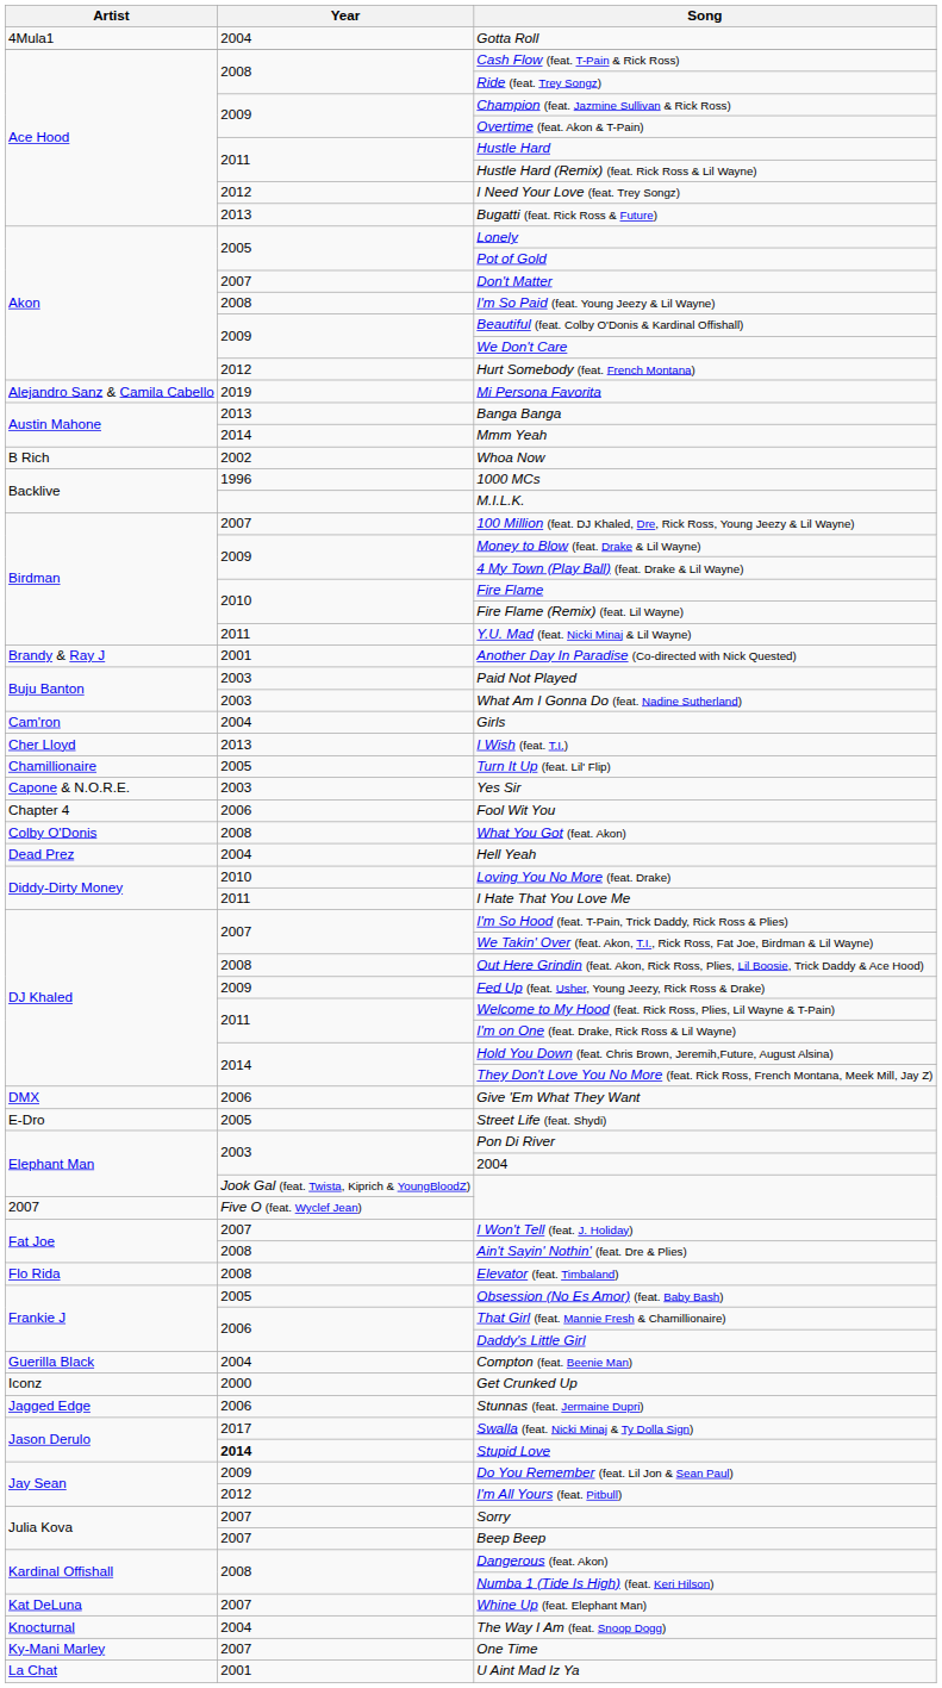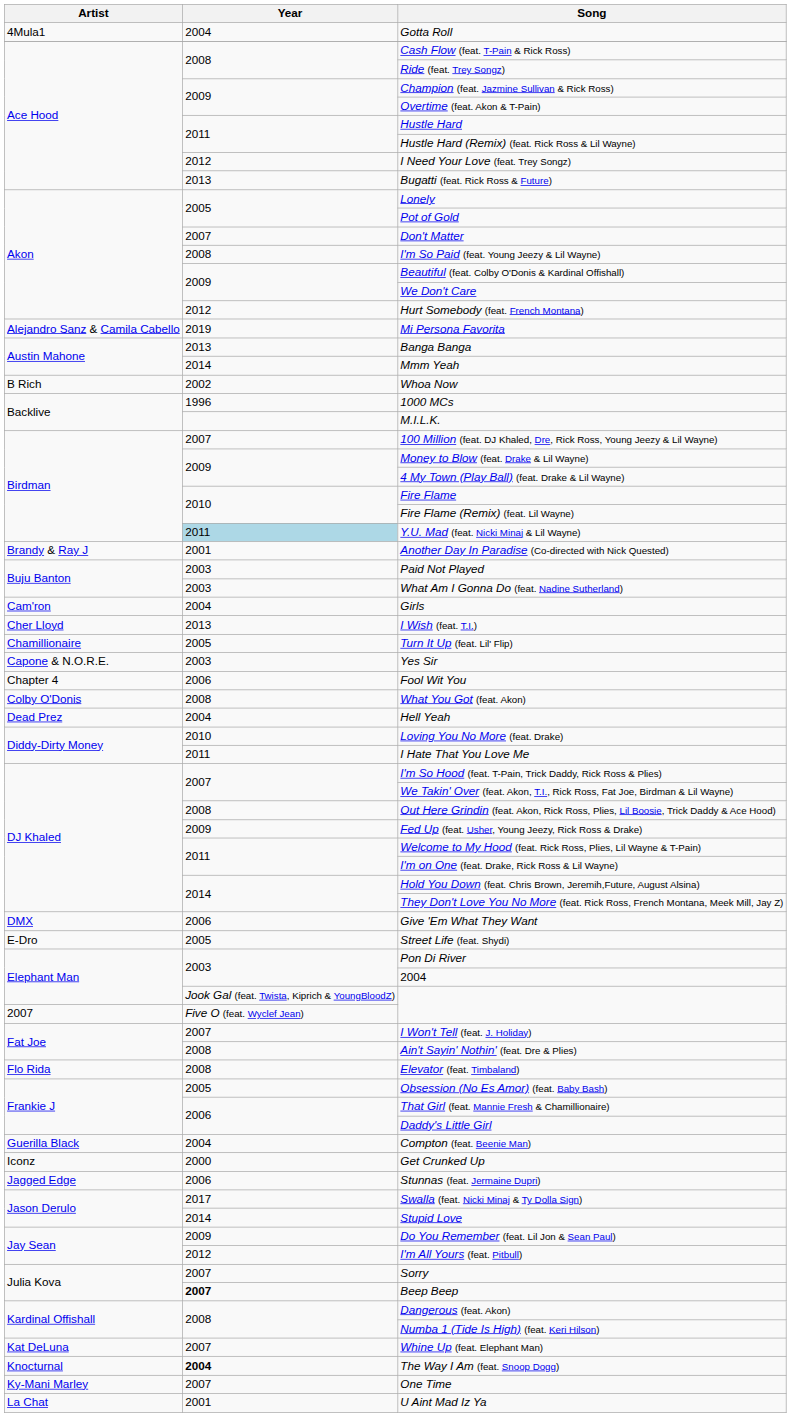 <table class="wikitable sortable">
 <tr>
 <th>Artist</th>
 <th>Year</th>
 <th>Song</th>
 </tr>
 <tr>
 <td>4Mula1</td>
 <td>2004</td>
 <td><em>Gotta Roll</em></td>
 </tr>
 <tr>
 </tr>
 <tr>
 <td rowspan="8"><a href='#'>Ace Hood</a></td>
 <td rowspan="2">2008</td>
 <td><em><a href='#'>Cash Flow</a></em> <small>(feat. <a href='#'>T-Pain</a> & Rick Ross)</small></td>
 </tr>
 <tr>
 <td><em><a href='#'>Ride</a></em> <small>(feat. <a href='#'>Trey Songz</a>)</small></td>
 </tr>
 <tr>
 <td rowspan="2">2009</td>
 <td><em><a href='#'>Champion</a></em> <small>(feat. <a href='#'>Jazmine Sullivan</a> & Rick Ross)</small></td>
 </tr>
 <tr>
 <td><em><a href='#'>Overtime</a></em> <small>(feat. Akon & T-Pain)</small></td>
 </tr>
 <tr>
 <td rowspan="2">2011</td>
 <td><em><a href='#'>Hustle Hard</a></em></td>
 </tr>
 <tr>
 <td><em>Hustle Hard (Remix)</em> <small>(feat. Rick Ross & Lil Wayne)</small></td>
 </tr>
 <tr>
 <td>2012</td>
 <td><em>I Need Your Love</em> <small>(feat. Trey Songz)</small></td>
 </tr>
 <tr>
 <td>2013</td>
 <td><em>Bugatti</em> <small>(feat. Rick Ross & <a href='#'>Future</a>)</small></td>
 </tr>
 <tr>
 <td rowspan="7"><a href='#'>Akon</a></td>
 <td rowspan="2">2005</td>
 <td><em><a href='#'>Lonely</a></em></td>
 </tr>
 <tr>
 <td><em><a href='#'>Pot of Gold</a></em></td>
 </tr>
 <tr>
 <td>2007</td>
 <td><em><a href='#'>Don't Matter</a></em></td>
 </tr>
 <tr>
 <td>2008</td>
 <td><em><a href='#'>I'm So Paid</a></em> <small>(feat. Young Jeezy & Lil Wayne)</small></td>
 </tr>
 <tr>
 <td rowspan="2">2009</td>
 <td><em><a href='#'>Beautiful</a></em> <small>(feat. Colby O'Donis & Kardinal Offishall)</small></td>
 </tr>
 <tr>
 <td><em><a href='#'>We Don't Care</a></em></td>
 </tr>
 <tr>
 <td>2012</td>
 <td><em>Hurt Somebody</em> <small>(feat. <a href='#'>French Montana</a>)</small></td>
 </tr>
 <tr>
 <td><a href='#'>Alejandro Sanz</a> & <a href='#'>Camila Cabello</a></td>
 <td>2019</td>
 <td><em><a href='#'>Mi Persona Favorita</a></em></td>
 </tr>
 <tr>
 <td rowspan="2"><a href='#'>Austin Mahone</a></td>
 <td>2013</td>
 <td><em>Banga Banga</em></td>
 </tr>
 <tr>
 <td>2014</td>
 <td><em> Mmm Yeah</em></td>
 </tr>
 <tr>
 <td>B Rich</td>
 <td>2002</td>
 <td><em>Whoa Now</em></td>
 </tr>
 <tr>
 <td rowspan="2">Backlive</td>
 <td>1996</td>
 <td><em>1000 MCs</em></td>
 </tr>
 <tr>
 <td></td>
 <td><em>M.I.L.K.</em></td>
 </tr>
 <tr>
 <td rowspan="6"><a href='#'>Birdman</a></td>
 <td>2007</td>
 <td><em><a href='#'>100 Million</a></em> <small>(feat. DJ Khaled, <a href='#'>Dre</a>, Rick Ross, Young Jeezy & Lil Wayne)</small></td>
 </tr>
 <tr>
 <td rowspan="2">2009</td>
 <td><em><a href='#'>Money to Blow</a></em> <small>(feat. <a href='#'>Drake</a> & Lil Wayne)</small></td>
 </tr>
 <tr>
 <td><em><a href='#'>4 My Town (Play Ball)</a></em> <small>(feat. Drake & Lil Wayne)</small></td>
 </tr>
 <tr>
 <td rowspan="2">2010</td>
 <td><em><a href='#'>Fire Flame</a></em></td>
 </tr>
 <tr>
 <td><em>Fire Flame (Remix)</em> <small>(feat. Lil Wayne)</small></td>
 </tr>
 <tr>
-<td>2011</td>
+<td style="background: lightblue;">2011</td>
 <td><em><a href='#'>Y.U. Mad</a></em> <small>(feat. <a href='#'>Nicki Minaj</a> & Lil Wayne)</small></td>
 </tr>
 <tr>
 <td><a href='#'>Brandy</a> & <a href='#'>Ray J</a></td>
 <td>2001</td>
 <td><em><a href='#'>Another Day In Paradise</a></em> <small>(Co-directed with Nick Quested)</small></td>
 </tr>
 <tr>
 <td rowspan="2"><a href='#'>Buju Banton</a></td>
 <td>2003</td>
 <td><em>Paid Not Played</em></td>
 </tr>
 <tr>
 <td>2003</td>
 <td><em>What Am I Gonna Do</em> <small>(feat. <a href='#'>Nadine Sutherland</a>)</small></td>
 </tr>
 <tr>
 <td><a href='#'>Cam'ron</a></td>
 <td>2004</td>
 <td><em>Girls</em></td>
 </tr>
 <tr>
 <td><a href='#'>Cher Lloyd</a></td>
 <td>2013</td>
 <td><em><a href='#'>I Wish</a></em> <small>(feat. <a href='#'>T.I.</a>)</small></td>
 </tr>
 <tr>
 <td><a href='#'>Chamillionaire</a></td>
 <td>2005</td>
 <td><em><a href='#'>Turn It Up</a></em> <small>(feat. Lil' Flip)</small></td>
 </tr>
 <tr>
 <td><a href='#'>Capone</a> & N.O.R.E.</td>
 <td>2003</td>
 <td><em>Yes Sir</em></td>
 </tr>
 <tr>
 <td>Chapter 4</td>
 <td>2006</td>
 <td><em>Fool Wit You</em></td>
 </tr>
 <tr>
 <td><a href='#'>Colby O'Donis</a></td>
 <td>2008</td>
 <td><em><a href='#'>What You Got</a></em> <small>(feat. Akon)</small></td>
 </tr>
 <tr>
 <td><a href='#'>Dead Prez</a></td>
 <td>2004</td>
 <td><em>Hell Yeah</em></td>
 </tr>
 <tr>
 <td rowspan="2"><a href='#'>Diddy-Dirty Money</a></td>
 <td>2010</td>
 <td><em><a href='#'>Loving You No More</a></em> <small>(feat. Drake)</small></td>
 </tr>
 <tr>
 <td>2011</td>
 <td><em>I Hate That You Love Me</em></td>
 </tr>
 <tr>
 <td rowspan="8"><a href='#'>DJ Khaled</a></td>
 <td rowspan="2">2007</td>
 <td><em><a href='#'>I'm So Hood</a></em> <small>(feat. T-Pain, Trick Daddy, Rick Ross & Plies)</small></td>
 </tr>
 <tr>
 <td><em><a href='#'>We Takin' Over</a></em> <small>(feat. Akon, <a href='#'>T.I.</a>, Rick Ross, Fat Joe, Birdman & Lil Wayne)</small></td>
 </tr>
 <tr>
 <td>2008</td>
 <td><em><a href='#'>Out Here Grindin</a></em> <small>(feat. Akon, Rick Ross, Plies, <a href='#'>Lil Boosie</a>, Trick Daddy & Ace Hood)</small></td>
 </tr>
 <tr>
 <td>2009</td>
 <td><em><a href='#'>Fed Up</a></em> <small>(feat. <a href='#'>Usher</a>, Young Jeezy, Rick Ross & Drake)</small></td>
 </tr>
 <tr>
 <td rowspan="2">2011</td>
 <td><em><a href='#'>Welcome to My Hood</a></em> <small>(feat. Rick Ross, Plies, Lil Wayne & T-Pain)</small></td>
 </tr>
 <tr>
 <td><em><a href='#'>I'm on One</a></em> <small>(feat. Drake, Rick Ross & Lil Wayne)</small></td>
 </tr>
 <tr>
 <td rowspan="2">2014</td>
 <td><em> <a href='#'>Hold You Down</a></em> <small>(feat. Chris Brown, Jeremih,Future, August Alsina)</small></td>
 </tr>
 <tr>
 <td><em><a href='#'>They Don't Love You No More</a></em> <small>(feat. Rick Ross, French Montana, Meek Mill, Jay Z)</small></td>
 </tr>
 <tr>
 <td><a href='#'>DMX</a></td>
 <td>2006</td>
 <td><em>Give 'Em What They Want</em></td>
 </tr>
 <tr>
 <td>E-Dro</td>
 <td>2005</td>
 <td><em>Street Life</em> <small>(feat. Shydi)</small></td>
 </tr>
 <tr>
 <td rowspan="3"><a href='#'>Elephant Man</a></td>
 <td rowspan="2">2003</td>
 <td><em>Pon Di River</em></td>
 </tr>
 <tr>
 <td>2004</td>
 </tr>
 <tr>
 <td><em>Jook Gal</em> <small>(feat. <a href='#'>Twista</a>, Kiprich & <a href='#'>YoungBloodZ</a>)</small></td>
 </tr>
 <tr>
 <td>2007</td>
 <td><em>Five O</em> <small>(feat. <a href='#'>Wyclef Jean</a>)</small></td>
 </tr>
 <tr>
 <td rowspan="2"><a href='#'>Fat Joe</a></td>
 <td>2007</td>
 <td><em><a href='#'>I Won't Tell</a></em> <small>(feat. <a href='#'>J. Holiday</a>)</small></td>
 </tr>
 <tr>
 <td>2008</td>
 <td><em><a href='#'>Ain't Sayin' Nothin'</a></em> <small>(feat. Dre & Plies)</small></td>
 </tr>
 <tr>
 <td><a href='#'>Flo Rida</a></td>
 <td>2008</td>
 <td><em><a href='#'>Elevator</a></em> <small>(feat. <a href='#'>Timbaland</a>)</small></td>
 </tr>
 <tr>
 <td rowspan="3"><a href='#'>Frankie J</a></td>
 <td>2005</td>
 <td><em><a href='#'>Obsession (No Es Amor)</a></em> <small>(feat. <a href='#'>Baby Bash</a>)</small></td>
 </tr>
 <tr>
 <td rowspan="2">2006</td>
 <td><em><a href='#'>That Girl</a></em> <small>(feat. <a href='#'>Mannie Fresh</a> & Chamillionaire)</small></td>
 </tr>
 <tr>
 <td><em><a href='#'>Daddy's Little Girl</a></em></td>
 </tr>
 <tr>
 <td><a href='#'>Guerilla Black</a></td>
 <td>2004</td>
 <td><em>Compton</em> <small>(feat. <a href='#'>Beenie Man</a>)</small></td>
 </tr>
 <tr>
 <td>Iconz</td>
 <td>2000</td>
 <td><em>Get Crunked Up</em></td>
 </tr>
 <tr>
 <td><a href='#'>Jagged Edge</a></td>
 <td>2006</td>
 <td><em>Stunnas</em> <small>(feat. <a href='#'>Jermaine Dupri</a>)</small></td>
 </tr>
 <tr>
 <td rowspan="2"><a href='#'>Jason Derulo</a></td>
 <td>2017</td>
 <td><em><a href='#'>Swalla</a></em> <small>(feat. <a href='#'>Nicki Minaj</a> & <a href='#'>Ty Dolla Sign</a>)</small></td>
 </tr>
 <tr>
-<td><strong>2014</strong></td>
+<td>2014</td>
 <td><em><a href='#'>Stupid Love</a></em></td>
 </tr>
 <tr>
 <td rowspan="2"><a href='#'>Jay Sean</a></td>
 <td>2009</td>
 <td><em><a href='#'>Do You Remember</a></em> <small>(feat. Lil Jon & <a href='#'>Sean Paul</a>)</small></td>
 </tr>
 <tr>
 <td>2012</td>
 <td><em><a href='#'>I'm All Yours</a></em> <small>(feat. <a href='#'>Pitbull</a>)</small></td>
 </tr>
 <tr>
 <td rowspan="2">Julia Kova</td>
 <td>2007</td>
 <td><em>Sorry</em></td>
 </tr>
 <tr>
-<td>2007</td>
+<td><strong>2007</strong></td>
 <td><em>Beep Beep</em></td>
 </tr>
 <tr>
 <td rowspan="2"><a href='#'>Kardinal Offishall</a></td>
 <td rowspan="2">2008</td>
 <td><em><a href='#'>Dangerous</a></em> <small>(feat. Akon)</small></td>
 </tr>
 <tr>
 <td><em><a href='#'>Numba 1 (Tide Is High)</a></em> <small>(feat. <a href='#'>Keri Hilson</a>)</small></td>
 </tr>
 <tr>
 <td><a href='#'>Kat DeLuna</a></td>
 <td>2007</td>
 <td><em><a href='#'>Whine Up</a></em> <small>(feat. Elephant Man)</small></td>
 </tr>
 <tr>
 <td><a href='#'>Knocturnal</a></td>
-<td>2004</td>
+<td><strong>2004</strong></td>
 <td><em>The Way I Am</em> <small>(feat. <a href='#'>Snoop Dogg</a>)</small></td>
 </tr>
 <tr>
 <td><a href='#'>Ky-Mani Marley</a></td>
 <td>2007</td>
 <td><em>One Time</em></td>
 </tr>
 <tr>
 <td><a href='#'>La Chat</a></td>
 <td>2001</td>
 <td><em>U Aint Mad Iz Ya</em></td>
 </tr>
 </table>
